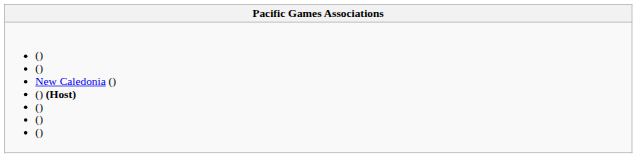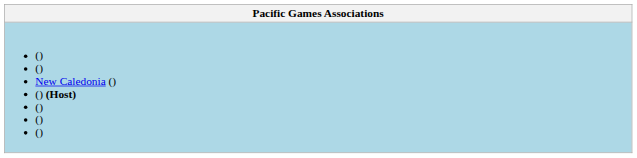 <table class="wikitable collapsible" style="min-width:70%; max-width:58em;">
 <tr>
 <th>Pacific Games Associations</th>
 </tr>
 <tr>
-<td><br><ul><li> ()</li><li> ()</li><li>  <a href='#'>New Caledonia</a> ()</li><li> () <strong>(Host)</strong></li><li> ()</li><li> ()</li><li> ()</li></ul></td>
+<td style="background: lightblue;"><br><ul><li> ()</li><li> ()</li><li>  <a href='#'>New Caledonia</a> ()</li><li> () <strong>(Host)</strong></li><li> ()</li><li> ()</li><li> ()</li></ul></td>
 </tr>
 </table>
